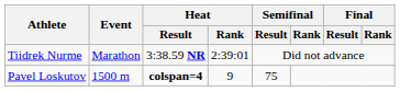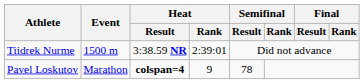 <table class=wikitable style="font-size:90%">
 <tr>
 <th rowspan="2">Athlete</th>
 <th rowspan="2">Event</th>
 <th colspan="2">Heat</th>
 <th colspan="2">Semifinal</th>
 <th colspan="2">Final</th>
 </tr>
 <tr style="font-size:95%">
 <th>Result</th>
 <th>Rank</th>
 <th>Result</th>
 <th>Rank</th>
 <th>Result</th>
 <th>Rank</th>
 </tr>
 <tr align=center>
 <td align=left><a href='#'>Tiidrek Nurme</a></td>
-<td align=left><a href='#'>Marathon</a></td>
+<td align=left><a href='#'>1500 m</a></td>
 <td>3:38.59 <strong><a href='#'>NR</a></strong></td>
 <td>2:39:01</td>
 <td colspan=4>Did not advance</td>
 </tr>
 <tr align=center>
 <td align=left><a href='#'>Pavel Loskutov</a></td>
-<td align=left><a href='#'>1500 m</a></td>
+<td align=left><a href='#'>Marathon</a></td>
 <td><strong>colspan=4 </strong></td>
 <td>9</td>
-<td>75</td>
+<td>78</td>
 </tr>
 </table>
